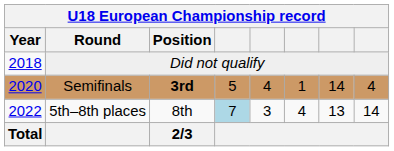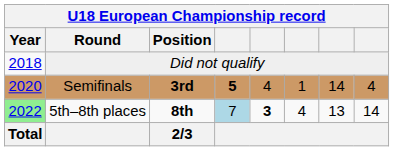 <table class="wikitable" style="text-align: center;">
 <tr>
 <th colspan=8><a href='#'>U18 European Championship record</a></th>
 </tr>
 <tr>
 <th>Year</th>
 <th>Round</th>
 <th>Position</th>
 <th width=30></th>
 <th width=30></th>
 <th width=30></th>
 <th width=30></th>
 <th width=30></th>
 </tr>
 <tr>
 <td> <a href='#'>2018</a></td>
 <td colspan=7 bgcolor=#EFEFEF><em>Did not qualify</em></td>
 </tr>
 <tr bgcolor=#CC9966>
 <td> <a href='#'>2020</a></td>
 <td>Semifinals</td>
 <td><strong>3rd</strong></td>
-<td>5</td>
+<td><strong>5</strong></td>
 <td>4</td>
 <td>1</td>
 <td>14</td>
 <td>4</td>
 </tr>
 <tr>
-<td> <a href='#'>2022</a></td>
+<td style="background: lightgreen;"> <a href='#'>2022</a></td>
 <td>5th–8th places</td>
-<td>8th</td>
+<td><strong>8th</strong></td>
 <td style="background: lightblue;">7</td>
-<td>3</td>
+<td><strong>3</strong></td>
 <td>4</td>
 <td>13</td>
 <td>14</td>
 </tr>
 <tr>
 <th>Total</th>
 <th></th>
 <th>2/3</th>
 <th colspan=5></th>
 </tr>
 </table>
